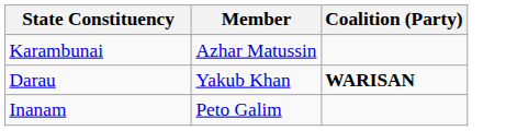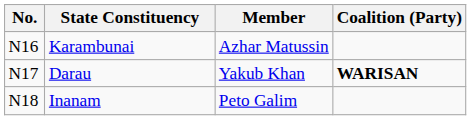 <table class="wikitable sortable">
 <tr>
+<th width="30">No.</th>
 <th width="150">State Constituency</th>
 <th>Member</th>
 <th>Coalition (Party)</th>
 </tr>
 <tr>
+<td>N16</td>
 <td><a href='#'>Karambunai</a></td>
 <td><a href='#'>Azhar Matussin</a></td>
 <td></td>
 </tr>
 <tr>
+<td>N17</td>
 <td><a href='#'>Darau</a></td>
 <td><a href='#'>Yakub Khan</a></td>
 <td><strong>WARISAN</strong></td>
 </tr>
 <tr>
+<td>N18</td>
 <td><a href='#'>Inanam</a></td>
 <td><a href='#'>Peto Galim</a></td>
 <td></td>
 </tr>
 </table>
